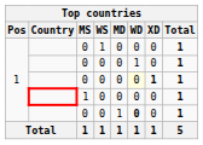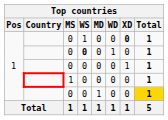 <table class="wikitable" style="text-align:center">
 <tr>
 <th colspan="10">Top countries</th>
 </tr>
 <tr>
 <th>Pos</th>
 <th>Country</th>
 <th>MS</th>
 <th>WS</th>
 <th>MD</th>
 <th>WD</th>
 <th>XD</th>
 <th>Total</th>
 </tr>
 <tr>
 <td rowspan="5">1</td>
 <td align="left"></td>
 <td>0</td>
 <td>1</td>
 <td>0</td>
 <td>0</td>
-<td>0</td>
+<td><strong>0</strong></td>
 <td><strong>1</strong></td>
 </tr>
 <tr>
 <td align="left"></td>
 <td>0</td>
-<td>0</td>
+<td><strong>0</strong></td>
 <td>0</td>
 <td>1</td>
 <td>0</td>
 <td><strong>1</strong></td>
 </tr>
 <tr>
 <td align="left"></td>
 <td>0</td>
 <td>0</td>
 <td>0</td>
-<td style="background: lightyellow;">0</td>
-<td><strong>1</strong></td>
+<td>0</td>
+<td>1</td>
 <td><strong>1</strong></td>
 </tr>
 <tr>
 <td style="border: 3px solid red" align="left"><strong></strong></td>
 <td>1</td>
 <td>0</td>
 <td>0</td>
 <td>0</td>
 <td>0</td>
 <td><strong>1</strong></td>
 </tr>
 <tr>
 <td align="left"></td>
 <td>0</td>
 <td>0</td>
 <td>1</td>
-<td><strong>0</strong></td>
 <td>0</td>
-<td><strong>1</strong></td>
+<td>0</td>
+<td style="background: gold;"><strong>1</strong></td>
 </tr>
 <tr>
 <th colspan="2">Total</th>
 <th>1</th>
 <th>1</th>
 <th>1</th>
 <th>1</th>
 <th>1</th>
 <th>5</th>
 </tr>
 </table>
